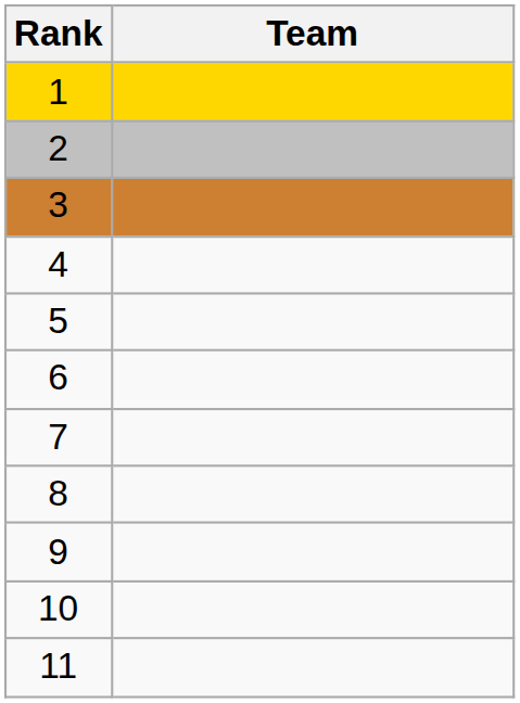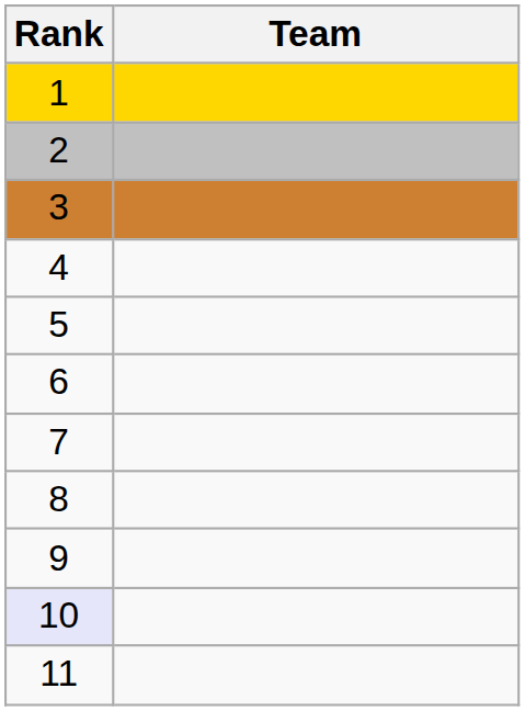 <table class="wikitable">
 <tr>
 <th>Rank</th>
 <th width=170>Team</th>
 </tr>
 <tr bgcolor=gold>
 <td align=center>1</td>
 <td></td>
 </tr>
 <tr bgcolor=silver>
 <td align=center>2</td>
 <td></td>
 </tr>
 <tr bgcolor=CD7F32>
 <td align=center>3</td>
 <td></td>
 </tr>
 <tr>
 <td align=center>4</td>
 <td></td>
 </tr>
 <tr>
 <td align=center>5</td>
 <td></td>
 </tr>
 <tr>
 <td align=center>6</td>
 <td></td>
 </tr>
 <tr>
 <td align=center>7</td>
 <td></td>
 </tr>
 <tr>
 <td align=center>8</td>
 <td></td>
 </tr>
 <tr>
 <td align=center>9</td>
 <td></td>
 </tr>
 <tr>
-<td align=center>10</td>
+<td align=center style="background: lavender;">10</td>
 <td></td>
 </tr>
 <tr>
 <td align=center>11</td>
 <td></td>
 </tr>
 </table>
